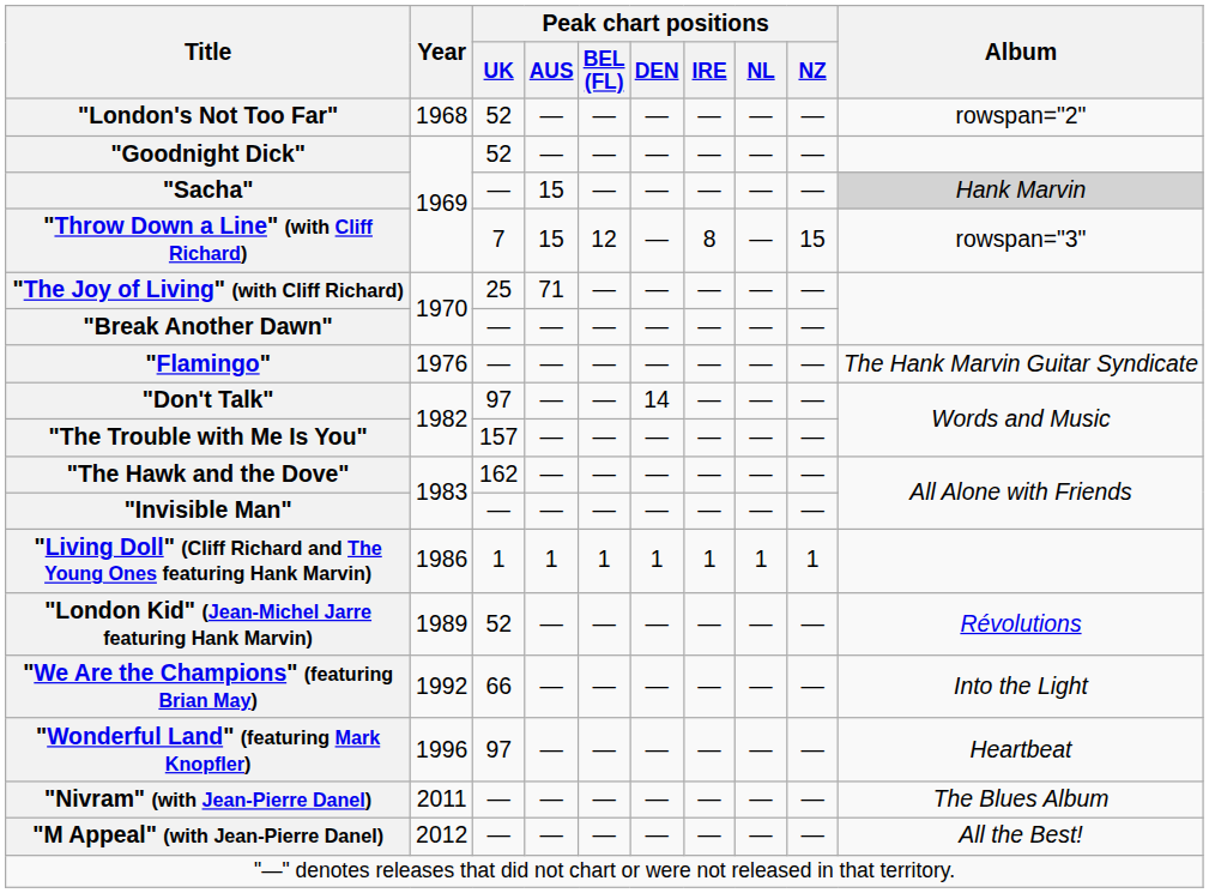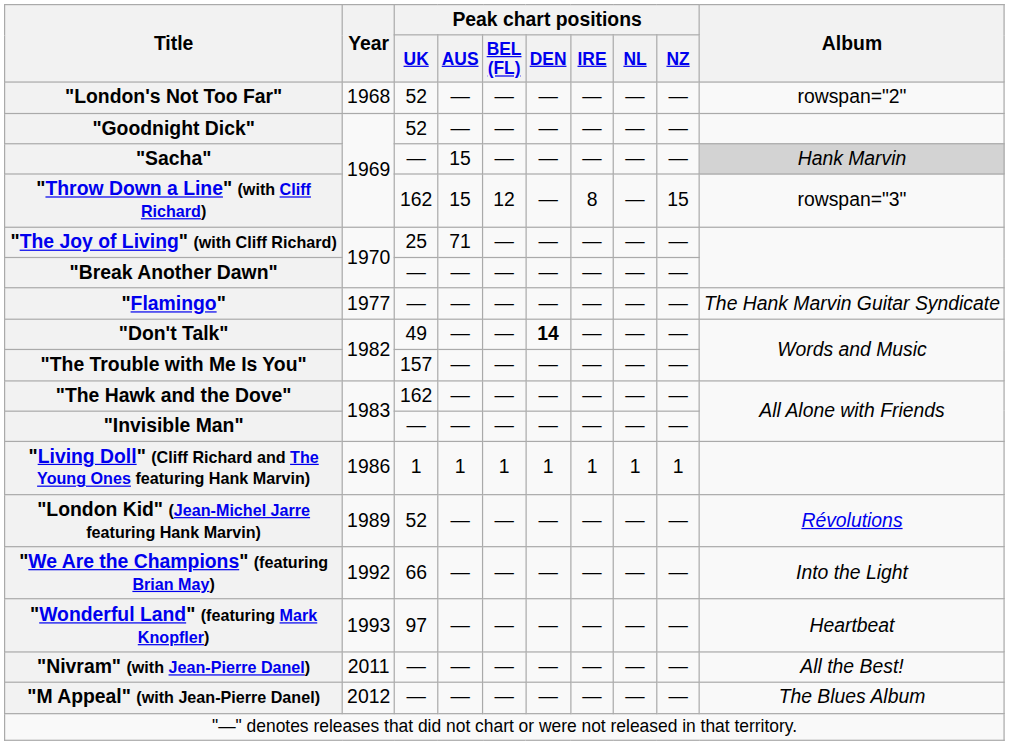 <table class="wikitable plainrowheaders" style="text-align:center;">
 <tr>
 <th rowspan="2" scope="col" style="width:17em;">Title</th>
 <th rowspan="2" scope="col" style="width:2em;">Year</th>
 <th colspan="7">Peak chart positions</th>
 <th rowspan="2">Album</th>
 </tr>
 <tr>
 <th scope="col" style="width:2em;font-size:90%;"><a href='#'>UK</a><br></th>
 <th scope="col" style="width:2em;font-size:90%;"><a href='#'>AUS</a><br></th>
 <th scope="col" style="width:2em;font-size:90%;"><a href='#'>BEL<br>(FL)</a><br></th>
 <th scope="col" style="width:2em;font-size:90%;"><a href='#'>DEN</a><br></th>
 <th scope="col" style="width:2em;font-size:90%;"><a href='#'>IRE</a><br></th>
 <th scope="col" style="width:2em;font-size:90%;"><a href='#'>NL</a><br></th>
 <th scope="col" style="width:2em;font-size:90%;"><a href='#'>NZ</a><br></th>
 </tr>
 <tr>
 <th scope="row">"London's Not Too Far"</th>
 <td>1968</td>
 <td>52</td>
 <td>—</td>
 <td>—</td>
 <td>—</td>
 <td>—</td>
 <td>—</td>
 <td>—</td>
 <td>rowspan="2" </td>
 </tr>
 <tr>
 <th scope="row">"Goodnight Dick"</th>
 <td rowspan="3">1969</td>
 <td>52</td>
 <td>—</td>
 <td>—</td>
 <td>—</td>
 <td>—</td>
 <td>—</td>
 <td>—</td>
 </tr>
 <tr>
 <th scope="row">"Sacha"</th>
 <td>—</td>
 <td>15</td>
 <td>—</td>
 <td>—</td>
 <td>—</td>
 <td>—</td>
 <td>—</td>
 <td style="background: lightgrey;"><em>Hank Marvin</em></td>
 </tr>
 <tr>
 <th scope="row">"<a href='#'>Throw Down a Line</a>" <small>(with <a href='#'>Cliff Richard</a>)</small></th>
-<td>7</td>
+<td>162</td>
 <td>15</td>
 <td>12</td>
 <td>—</td>
 <td>8</td>
 <td>—</td>
 <td>15</td>
 <td>rowspan="3" </td>
 </tr>
 <tr>
 <th scope="row">"<a href='#'>The Joy of Living</a>" <small>(with Cliff Richard)</small></th>
 <td rowspan="2">1970</td>
 <td>25</td>
 <td>71</td>
 <td>—</td>
 <td>—</td>
 <td>—</td>
 <td>—</td>
 <td>—</td>
 </tr>
 <tr>
 <th scope="row">"Break Another Dawn"</th>
 <td>—</td>
 <td>—</td>
 <td>—</td>
 <td>—</td>
 <td>—</td>
 <td>—</td>
 <td>—</td>
 </tr>
 <tr>
 <th scope="row">"<a href='#'>Flamingo</a>"</th>
-<td>1976</td>
+<td>1977</td>
 <td>—</td>
 <td>—</td>
 <td>—</td>
 <td>—</td>
 <td>—</td>
 <td>—</td>
 <td>—</td>
 <td><em>The Hank Marvin Guitar Syndicate</em></td>
 </tr>
 <tr>
 <th scope="row">"Don't Talk"</th>
 <td rowspan="2">1982</td>
-<td>97</td>
+<td>49</td>
 <td>—</td>
 <td>—</td>
-<td>14</td>
+<td><strong>14</strong></td>
 <td>—</td>
 <td>—</td>
 <td>—</td>
 <td rowspan="2"><em>Words and Music</em></td>
 </tr>
 <tr>
 <th scope="row">"The Trouble with Me Is You"</th>
 <td>157</td>
 <td>—</td>
 <td>—</td>
 <td>—</td>
 <td>—</td>
 <td>—</td>
 <td>—</td>
 </tr>
 <tr>
 <th scope="row">"The Hawk and the Dove"</th>
 <td rowspan="2">1983</td>
 <td>162</td>
 <td>—</td>
 <td>—</td>
 <td>—</td>
 <td>—</td>
 <td>—</td>
 <td>—</td>
 <td rowspan="2"><em>All Alone with Friends</em></td>
 </tr>
 <tr>
 <th scope="row">"Invisible Man"</th>
 <td>—</td>
 <td>—</td>
 <td>—</td>
 <td>—</td>
 <td>—</td>
 <td>—</td>
 <td>—</td>
 </tr>
 <tr>
 <th scope="row">"<a href='#'>Living Doll</a>" <small>(Cliff Richard and <a href='#'>The Young Ones</a> featuring Hank Marvin)</small></th>
 <td>1986</td>
 <td>1</td>
 <td>1</td>
 <td>1</td>
 <td>1</td>
 <td>1</td>
 <td>1</td>
 <td>1</td>
 <td></td>
 </tr>
 <tr>
 <th scope="row">"London Kid" <small>(<a href='#'>Jean-Michel Jarre</a> featuring Hank Marvin)</small></th>
 <td>1989</td>
 <td>52</td>
 <td>—</td>
 <td>—</td>
 <td>—</td>
 <td>—</td>
 <td>—</td>
 <td>—</td>
 <td><em><a href='#'>Révolutions</a></em></td>
 </tr>
 <tr>
 <th scope="row">"<a href='#'>We Are the Champions</a>" <small>(featuring <a href='#'>Brian May</a>)</small></th>
 <td>1992</td>
 <td>66</td>
 <td>—</td>
 <td>—</td>
 <td>—</td>
 <td>—</td>
 <td>—</td>
 <td>—</td>
 <td><em>Into the Light</em></td>
 </tr>
 <tr>
 <th scope="row">"<a href='#'>Wonderful Land</a>" <small>(featuring <a href='#'>Mark Knopfler</a>)</small></th>
-<td>1996</td>
+<td>1993</td>
 <td>97</td>
 <td>—</td>
 <td>—</td>
 <td>—</td>
 <td>—</td>
 <td>—</td>
 <td>—</td>
 <td><em>Heartbeat</em></td>
 </tr>
 <tr>
 <th scope="row">"Nivram" <small>(with <a href='#'>Jean-Pierre Danel</a>)</small></th>
 <td>2011</td>
 <td>—</td>
 <td>—</td>
 <td>—</td>
 <td>—</td>
 <td>—</td>
 <td>—</td>
 <td>—</td>
-<td><em>The Blues Album</em></td>
+<td><em>All the Best!</em></td>
 </tr>
 <tr>
 <th scope="row">"M Appeal" <small>(with Jean-Pierre Danel)</small></th>
 <td>2012</td>
 <td>—</td>
 <td>—</td>
 <td>—</td>
 <td>—</td>
 <td>—</td>
 <td>—</td>
 <td>—</td>
-<td><em>All the Best!</em></td>
+<td><em>The Blues Album</em></td>
 </tr>
 <tr>
 <td colspan="10" style="font-size:90%">"—" denotes releases that did not chart or were not released in that territory.</td>
 </tr>
 </table>
